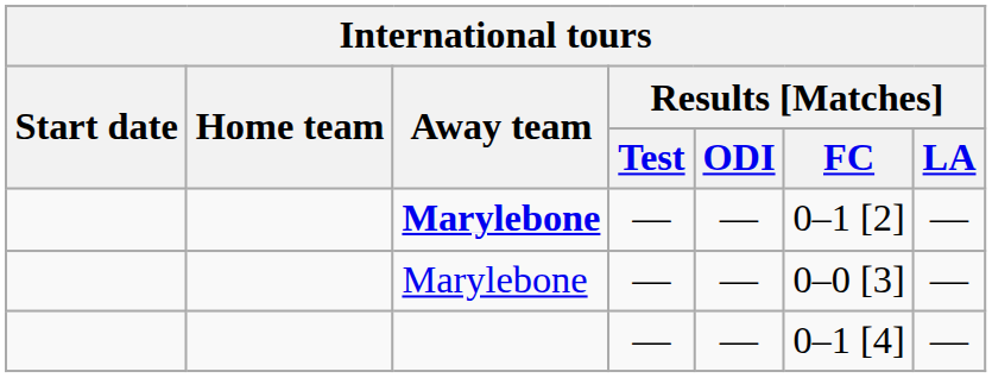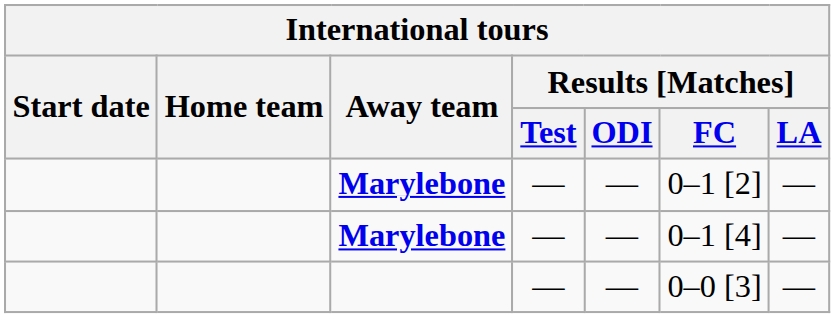 <table class="wikitable">
 <tr>
 <th colspan="7">International tours</th>
 </tr>
 <tr>
 <th rowspan="2">Start date</th>
 <th rowspan="2">Home team</th>
 <th rowspan="2">Away team</th>
 <th colspan="4">Results [Matches]</th>
 </tr>
 <tr>
 <th><a href='#'>Test</a></th>
 <th><a href='#'>ODI</a></th>
 <th><a href='#'>FC</a></th>
 <th><a href='#'>LA</a></th>
 </tr>
 <tr>
 <td><a href='#'></a></td>
 <td></td>
 <td><strong><a href='#'>Marylebone</a></strong></td>
 <td ; style="text-align:center">—</td>
 <td ; style="text-align:center">—</td>
 <td>0–1 [2]</td>
 <td ; style="text-align:center">—</td>
 </tr>
 <tr>
 <td><a href='#'></a></td>
 <td></td>
-<td><a href='#'>Marylebone</a></td>
+<td><strong><a href='#'>Marylebone</a></strong></td>
 <td ; style="text-align:center">—</td>
 <td ; style="text-align:center">—</td>
-<td>0–0 [3]</td>
+<td>0–1 [4]</td>
 <td ; style="text-align:center">—</td>
 </tr>
 <tr>
 <td><a href='#'></a></td>
 <td></td>
 <td></td>
 <td ; style="text-align:center">—</td>
 <td ; style="text-align:center">—</td>
-<td>0–1 [4]</td>
+<td>0–0 [3]</td>
 <td ; style="text-align:center">—</td>
 </tr>
 </table>
